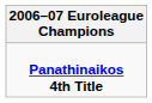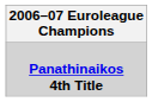 <table class=wikitable style="text-align:center; margin:auto">
 <tr>
 <th>2006–07 Euroleague<br>Champions</th>
 </tr>
 <tr>
-<td><br> <strong><a href='#'>Panathinaikos</a></strong> <br> <strong>4th Title</strong></td>
+<td style="background: lightgrey;"><br> <strong><a href='#'>Panathinaikos</a></strong> <br> <strong>4th Title</strong></td>
 </tr>
 </table>
